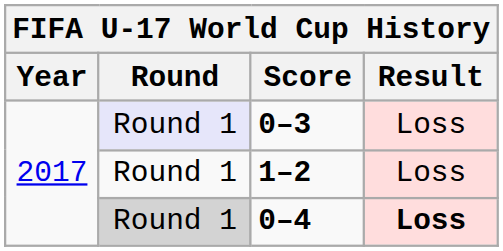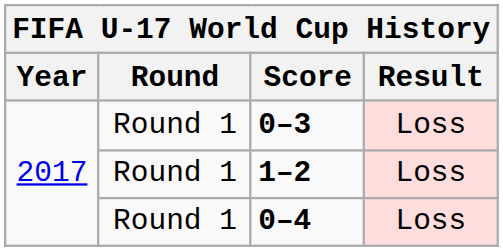 <table class="wikitable collapsible collapsed" style="text-align: center;">
 <tr>
 <th colspan=4>FIFA U-17 World Cup History</th>
 </tr>
 <tr>
 <th>Year</th>
 <th>Round</th>
 <th>Score</th>
 <th>Result</th>
 </tr>
 <tr>
 <td rowspan=3><a href='#'>2017</a></td>
-<td style="background: lavender;">Round 1</td>
+<td>Round 1</td>
 <td align="left"> <strong>0–3</strong> </td>
 <td style="background:#fdd;">Loss</td>
 </tr>
 <tr>
 <td>Round 1</td>
 <td align="left"> <strong>1–2</strong> </td>
 <td style="background:#fdd;">Loss</td>
 </tr>
 <tr>
-<td style="background: lightgrey;">Round 1</td>
+<td>Round 1</td>
 <td align="left"> <strong>0–4</strong> </td>
-<td style="background:#fdd;"><strong>Loss</strong></td>
+<td style="background:#fdd;">Loss</td>
 </tr>
 </table>
